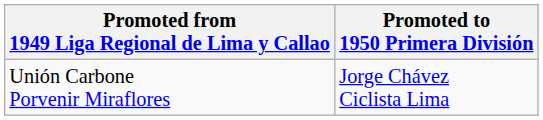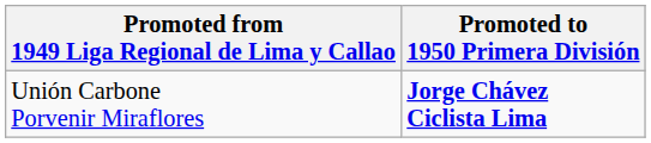 <table class="wikitable">
 <tr>
 <th>Promoted from<br><a href='#'>1949 Liga Regional de Lima y Callao</a></th>
 <th>Promoted to<br><a href='#'>1950 Primera División</a></th>
 </tr>
 <tr>
 <td> Unión Carbone <br> <a href='#'>Porvenir Miraflores</a> </td>
-<td> <a href='#'>Jorge Chávez</a> <br> <a href='#'>Ciclista Lima</a> </td>
+<td><strong> <a href='#'>Jorge Chávez</a> <br> <a href='#'>Ciclista Lima</a> </strong></td>
 </tr>
 </table>
